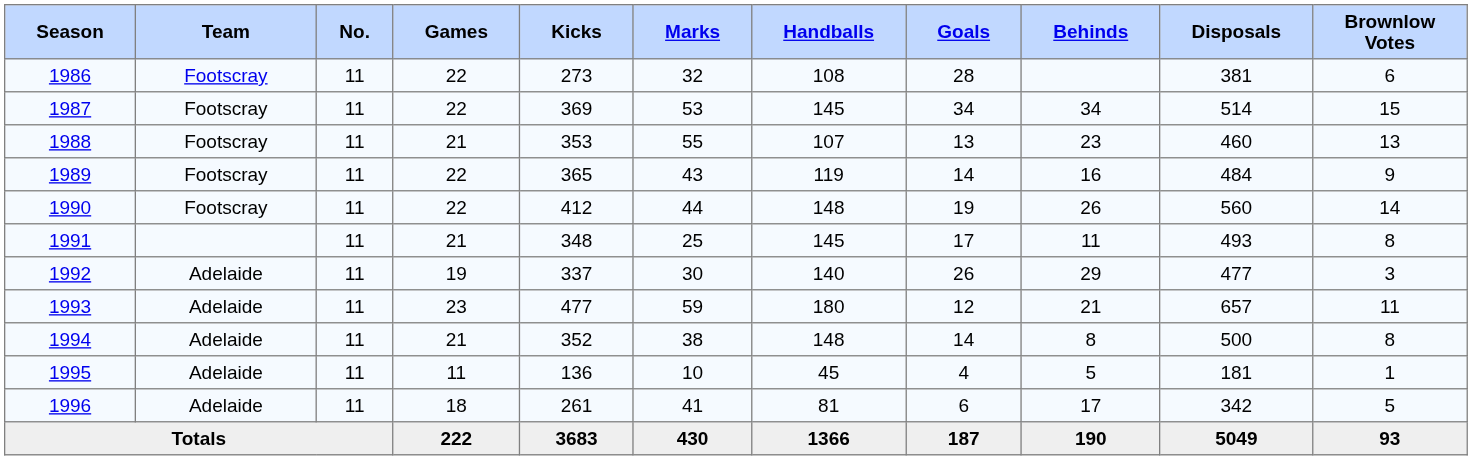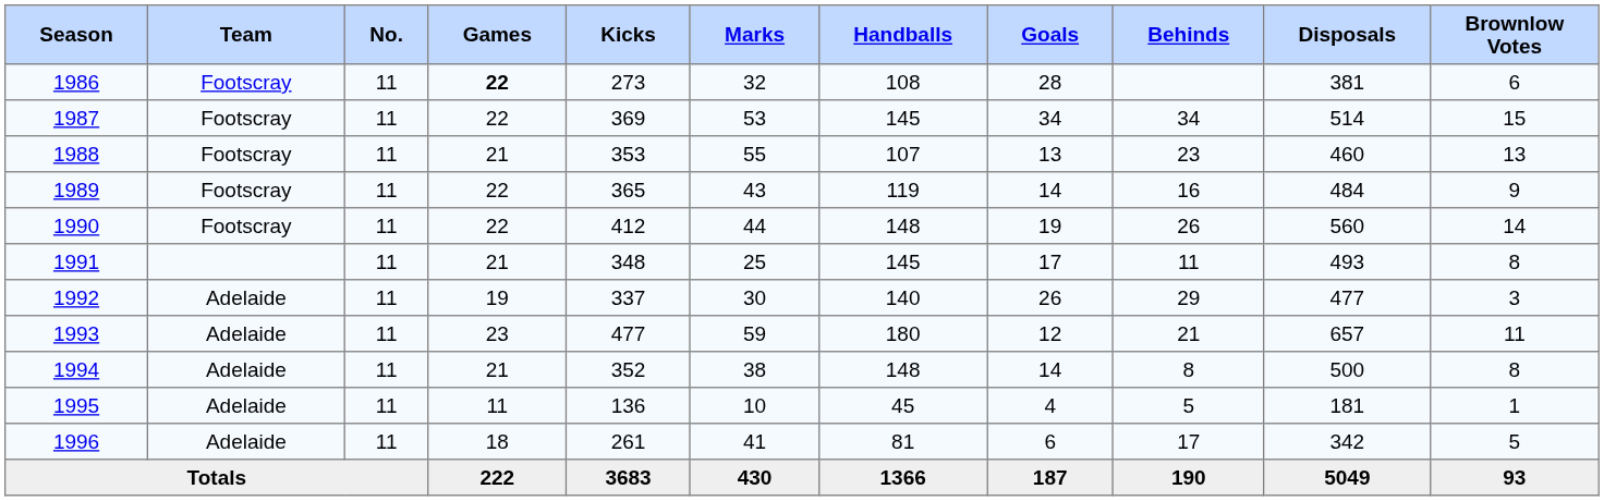 <table border="1" cellpadding="4" cellspacing="0" style="text-align:center; font-size:90%; border-collapse:collapse;" width=70%>
 <tr style="background:#C1D8FF;">
 <th width=3%>Season</th>
 <th width=5%>Team</th>
 <th width=2%>No.</th>
 <th width=3%>Games</th>
 <th width=3%>Kicks</th>
 <th width=3%><a href='#'>Marks</a></th>
 <th width=3%><a href='#'>Handballs</a></th>
 <th width=3%><a href='#'>Goals</a></th>
 <th width=3%><a href='#'>Behinds</a></th>
 <th width=3%>Disposals</th>
 <th width=3%>Brownlow Votes</th>
 </tr>
 <tr style="background:#F5FAFF;">
 <td><a href='#'>1986</a></td>
 <td><a href='#'>Footscray</a></td>
 <td>11</td>
-<td>22</td>
+<td><strong>22</strong></td>
 <td>273</td>
 <td>32</td>
 <td>108</td>
 <td>28</td>
 <td></td>
 <td>381</td>
 <td>6</td>
 </tr>
 <tr style="background:#F5FAFF;">
 <td><a href='#'>1987</a></td>
 <td>Footscray</td>
 <td>11</td>
 <td>22</td>
 <td>369</td>
 <td>53</td>
 <td>145</td>
 <td>34</td>
 <td>34</td>
 <td>514</td>
 <td>15</td>
 </tr>
 <tr style="background:#F5FAFF;">
 <td><a href='#'>1988</a></td>
 <td>Footscray</td>
 <td>11</td>
 <td>21</td>
 <td>353</td>
 <td>55</td>
 <td>107</td>
 <td>13</td>
 <td>23</td>
 <td>460</td>
 <td>13</td>
 </tr>
 <tr style="background:#F5FAFF;">
 <td><a href='#'>1989</a></td>
 <td>Footscray</td>
 <td>11</td>
 <td>22</td>
 <td>365</td>
 <td>43</td>
 <td>119</td>
 <td>14</td>
 <td>16</td>
 <td>484</td>
 <td>9</td>
 </tr>
 <tr style="background:#F5FAFF;">
 <td><a href='#'>1990</a></td>
 <td>Footscray</td>
 <td>11</td>
 <td>22</td>
 <td>412</td>
 <td>44</td>
 <td>148</td>
 <td>19</td>
 <td>26</td>
 <td>560</td>
 <td>14</td>
 </tr>
 <tr style="background:#F5FAFF;">
 <td><a href='#'>1991</a></td>
 <td></td>
 <td>11</td>
 <td>21</td>
 <td>348</td>
 <td>25</td>
 <td>145</td>
 <td>17</td>
 <td>11</td>
 <td>493</td>
 <td>8</td>
 </tr>
 <tr style="background:#F5FAFF;">
 <td><a href='#'>1992</a></td>
 <td>Adelaide</td>
 <td>11</td>
 <td>19</td>
 <td>337</td>
 <td>30</td>
 <td>140</td>
 <td>26</td>
 <td>29</td>
 <td>477</td>
 <td>3</td>
 </tr>
 <tr style="background:#F5FAFF;">
 <td><a href='#'>1993</a></td>
 <td>Adelaide</td>
 <td>11</td>
 <td>23</td>
 <td>477</td>
 <td>59</td>
 <td>180</td>
 <td>12</td>
 <td>21</td>
 <td>657</td>
 <td>11</td>
 </tr>
 <tr style="background:#F5FAFF;">
 <td><a href='#'>1994</a></td>
 <td>Adelaide</td>
 <td>11</td>
 <td>21</td>
 <td>352</td>
 <td>38</td>
 <td>148</td>
 <td>14</td>
 <td>8</td>
 <td>500</td>
 <td>8</td>
 </tr>
 <tr style="background:#F5FAFF;">
 <td><a href='#'>1995</a></td>
 <td>Adelaide</td>
 <td>11</td>
 <td>11</td>
 <td>136</td>
 <td>10</td>
 <td>45</td>
 <td>4</td>
 <td>5</td>
 <td>181</td>
 <td>1</td>
 </tr>
 <tr style="background:#F5FAFF;">
 <td><a href='#'>1996</a></td>
 <td>Adelaide</td>
 <td>11</td>
 <td>18</td>
 <td>261</td>
 <td>41</td>
 <td>81</td>
 <td>6</td>
 <td>17</td>
 <td>342</td>
 <td>5</td>
 </tr>
 <tr style="background:#EFEFEF;">
 <th colspan=3>Totals</th>
 <td><strong>222</strong></td>
 <td><strong>3683</strong></td>
 <td><strong>430</strong></td>
 <td><strong>1366</strong></td>
 <td><strong>187</strong></td>
 <td><strong>190</strong></td>
 <td><strong>5049</strong></td>
 <td><strong>93</strong></td>
 </tr>
 </table>
